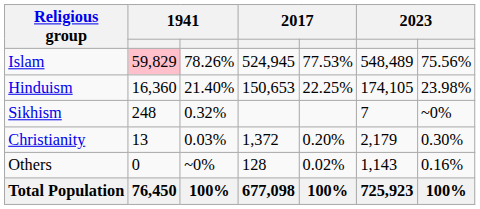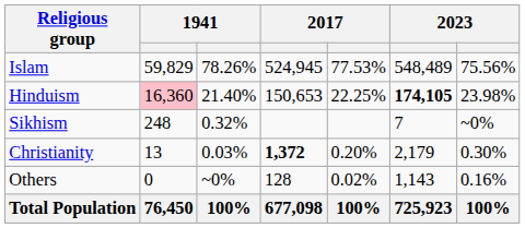 <table class="wikitable sortable">
 <tr>
 <th rowspan="2"><a href='#'>Religious</a><br>group</th>
 <th colspan="2">1941</th>
 <th colspan="2">2017</th>
 <th colspan="2">2023</th>
 </tr>
 <tr>
 <th><a href='#'></a></th>
 <th></th>
 <th></th>
 <th></th>
 <th></th>
 <th></th>
 </tr>
 <tr>
 <td><a href='#'>Islam</a> </td>
-<td style="background: pink;">59,829</td>
+<td>59,829</td>
 <td>78.26%</td>
 <td>524,945</td>
 <td>77.53%</td>
 <td>548,489</td>
 <td>75.56%</td>
 </tr>
 <tr>
 <td><a href='#'>Hinduism</a> </td>
-<td>16,360</td>
+<td style="background: pink;">16,360</td>
 <td>21.40%</td>
 <td>150,653</td>
 <td>22.25%</td>
-<td>174,105</td>
+<td><strong>174,105</strong></td>
 <td>23.98%</td>
 </tr>
 <tr>
 <td><a href='#'>Sikhism</a> </td>
 <td>248</td>
 <td>0.32%</td>
 <td></td>
 <td></td>
 <td>7</td>
 <td>~0%</td>
 </tr>
 <tr>
 <td><a href='#'>Christianity</a> </td>
 <td>13</td>
 <td>0.03%</td>
-<td>1,372</td>
+<td><strong>1,372</strong></td>
 <td>0.20%</td>
 <td>2,179</td>
 <td>0.30%</td>
 </tr>
 <tr>
 <td>Others </td>
 <td>0</td>
 <td>~0%</td>
 <td>128</td>
 <td>0.02%</td>
 <td>1,143</td>
 <td>0.16%</td>
 </tr>
 <tr>
 <th>Total Population</th>
 <th>76,450</th>
 <th>100%</th>
 <th>677,098</th>
 <th>100%</th>
 <th>725,923</th>
 <th>100%</th>
 </tr>
 </table>
